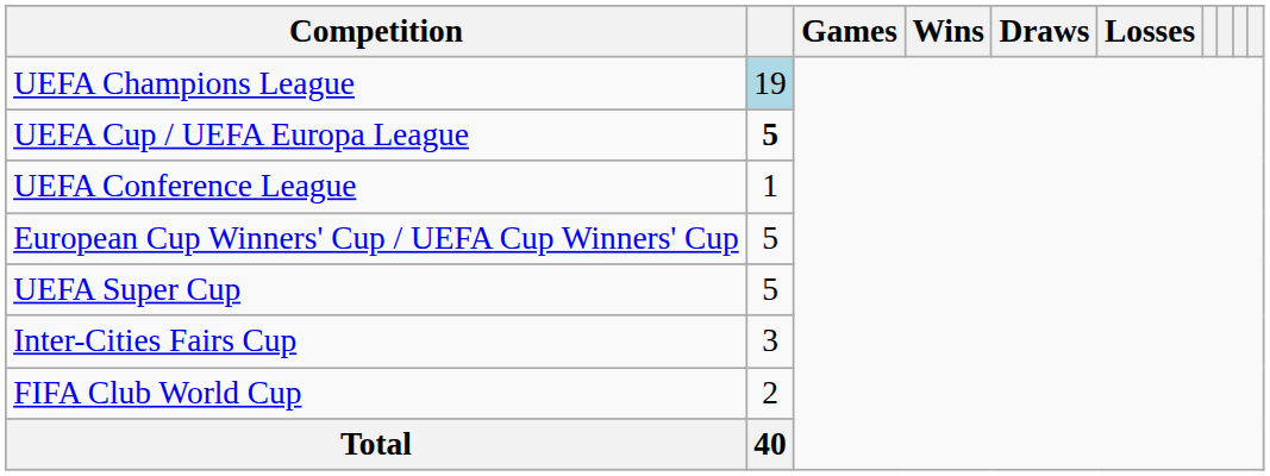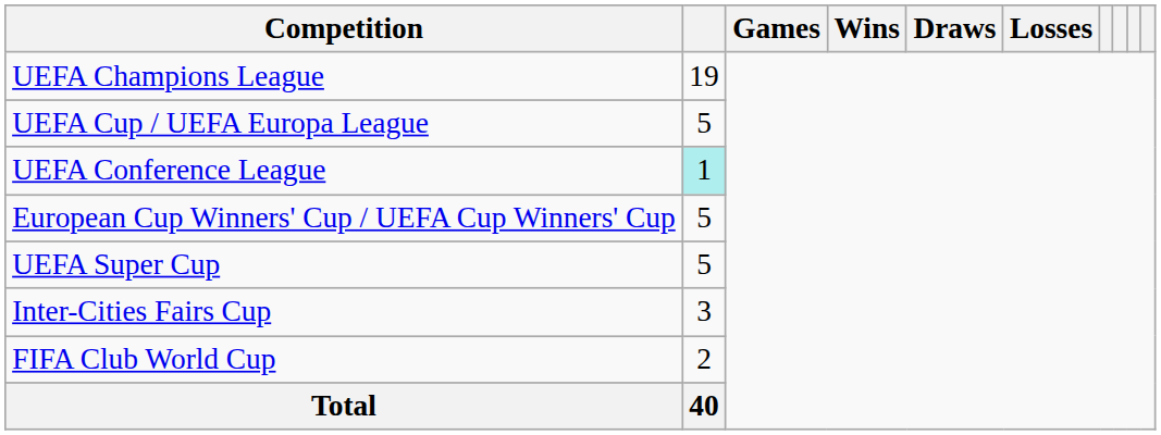 <table class="wikitable sortable sort-under" style="text-align:center">
 <tr>
 <th>Competition</th>
 <th></th>
 <th>Games</th>
 <th>Wins</th>
 <th>Draws</th>
 <th>Losses</th>
 <th></th>
 <th></th>
 <th></th>
 <th></th>
 </tr>
 <tr>
 <td align=left><a href='#'>UEFA Champions League</a></td>
-<td style="background: lightblue;">19<br></td>
+<td>19<br></td>
 </tr>
 <tr>
 <td align=left><a href='#'>UEFA Cup / UEFA Europa League</a></td>
-<td><strong>5<br></strong></td>
+<td>5<br></td>
 </tr>
 <tr>
 <td align=left><a href='#'>UEFA Conference League</a></td>
-<td>1<br></td>
+<td style="background: paleturquoise;">1<br></td>
 </tr>
 <tr>
 <td align=left><a href='#'>European Cup Winners' Cup / UEFA Cup Winners' Cup</a></td>
 <td>5<br></td>
 </tr>
 <tr>
 <td align=left><a href='#'>UEFA Super Cup</a></td>
 <td>5<br></td>
 </tr>
 <tr>
 <td align=left><a href='#'>Inter-Cities Fairs Cup</a></td>
 <td>3<br></td>
 </tr>
 <tr>
 <td align=left><a href='#'>FIFA Club World Cup</a></td>
 <td>2<br></td>
 </tr>
 <tr>
 <th>Total</th>
 <th>40<br></th>
 </tr>
 </table>
